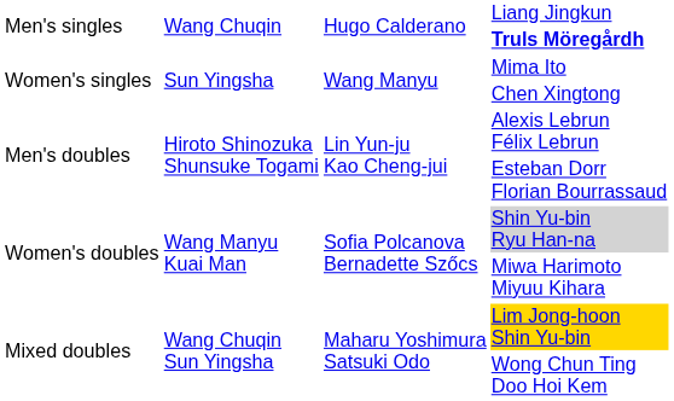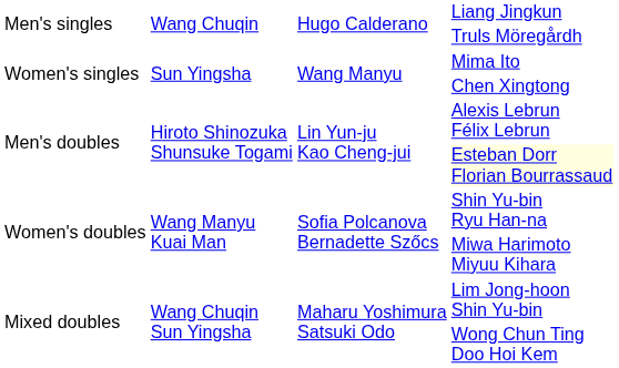 <table>
 <tr>
 <td rowspan=2>Men's singles <br></td>
 <td rowspan=2> <a href='#'>Wang Chuqin</a></td>
 <td rowspan=2> <a href='#'>Hugo Calderano</a></td>
 <td> <a href='#'>Liang Jingkun</a></td>
 </tr>
 <tr>
-<td><strong> <a href='#'>Truls Möregårdh</a></strong></td>
+<td> <a href='#'>Truls Möregårdh</a></td>
 </tr>
 <tr>
 <td rowspan=2>Women's singles <br></td>
 <td rowspan=2> <a href='#'>Sun Yingsha</a></td>
 <td rowspan=2> <a href='#'>Wang Manyu</a></td>
 <td> <a href='#'>Mima Ito</a></td>
 </tr>
 <tr>
 <td> <a href='#'>Chen Xingtong</a></td>
 </tr>
 <tr>
 <td rowspan=2>Men's doubles <br></td>
 <td rowspan=2> <a href='#'>Hiroto Shinozuka</a><br> <a href='#'>Shunsuke Togami</a></td>
 <td rowspan=2> <a href='#'>Lin Yun-ju</a><br> <a href='#'>Kao Cheng-jui</a></td>
 <td> <a href='#'>Alexis Lebrun</a><br> <a href='#'>Félix Lebrun</a></td>
 </tr>
 <tr>
-<td> <a href='#'>Esteban Dorr</a><br> <a href='#'>Florian Bourrassaud</a></td>
+<td style="background: lightyellow;"> <a href='#'>Esteban Dorr</a><br> <a href='#'>Florian Bourrassaud</a></td>
 </tr>
 <tr>
 <td rowspan=2>Women's doubles <br></td>
 <td rowspan=2> <a href='#'>Wang Manyu</a><br> <a href='#'>Kuai Man</a></td>
 <td rowspan=2> <a href='#'>Sofia Polcanova</a><br> <a href='#'>Bernadette Szőcs</a></td>
-<td style="background: lightgrey;"> <a href='#'>Shin Yu-bin</a><br> <a href='#'>Ryu Han-na</a></td>
+<td> <a href='#'>Shin Yu-bin</a><br> <a href='#'>Ryu Han-na</a></td>
 </tr>
 <tr>
 <td> <a href='#'>Miwa Harimoto</a><br> <a href='#'>Miyuu Kihara</a></td>
 </tr>
 <tr>
 <td rowspan=2>Mixed doubles <br></td>
 <td rowspan=2> <a href='#'>Wang Chuqin</a><br> <a href='#'>Sun Yingsha</a></td>
 <td rowspan=2> <a href='#'>Maharu Yoshimura</a><br> <a href='#'>Satsuki Odo</a></td>
-<td style="background: gold;"> <a href='#'>Lim Jong-hoon</a><br> <a href='#'>Shin Yu-bin</a></td>
+<td> <a href='#'>Lim Jong-hoon</a><br> <a href='#'>Shin Yu-bin</a></td>
 </tr>
 <tr>
 <td> <a href='#'>Wong Chun Ting</a><br> <a href='#'>Doo Hoi Kem</a></td>
 </tr>
 </table>
